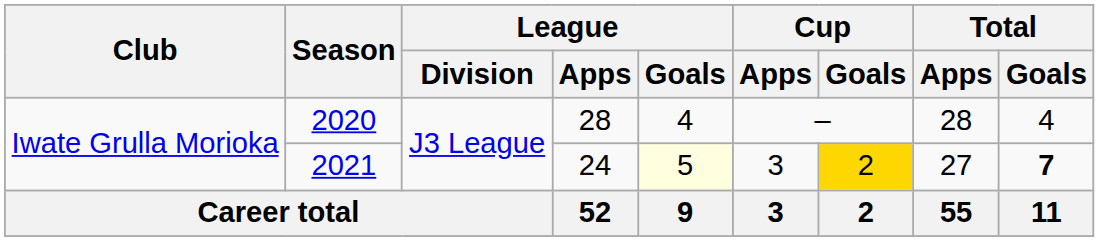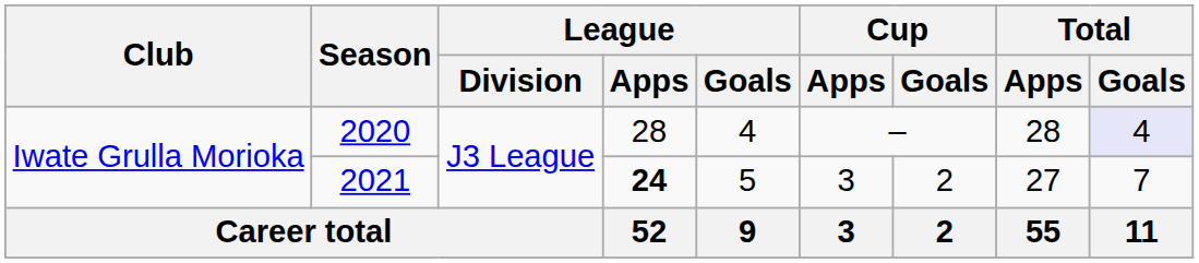 <table class="wikitable" style="text-align: center">
 <tr>
 <th rowspan="2">Club</th>
 <th rowspan="2">Season</th>
 <th colspan="3">League</th>
 <th colspan="2">Cup</th>
 <th colspan="2">Total</th>
 </tr>
 <tr>
 <th>Division</th>
 <th>Apps</th>
 <th>Goals</th>
 <th>Apps</th>
 <th>Goals</th>
 <th>Apps</th>
 <th>Goals</th>
 </tr>
 <tr>
 <td rowspan="2"><a href='#'>Iwate Grulla Morioka</a></td>
 <td><a href='#'>2020</a></td>
 <td rowspan="2"><a href='#'>J3 League</a></td>
 <td>28</td>
 <td>4</td>
 <td colspan="2">–</td>
 <td>28</td>
-<td>4</td>
+<td style="background: lavender;">4</td>
 </tr>
 <tr>
 <td><a href='#'>2021</a></td>
-<td>24</td>
-<td style="background: lightyellow;">5</td>
+<td><strong>24</strong></td>
+<td>5</td>
 <td>3</td>
-<td style="background: gold;">2</td>
+<td>2</td>
 <td>27</td>
-<td><strong>7</strong></td>
+<td>7</td>
 </tr>
 <tr>
 <th colspan=3>Career total</th>
 <th>52</th>
 <th>9</th>
 <th>3</th>
 <th>2</th>
 <th>55</th>
 <th>11</th>
 </tr>
 </table>
